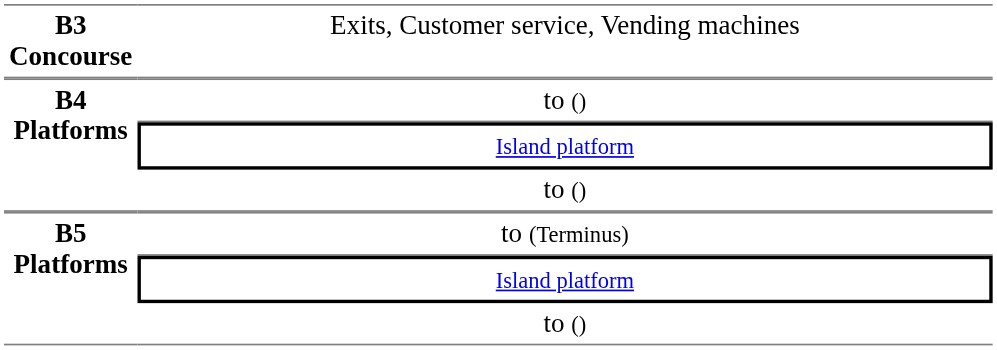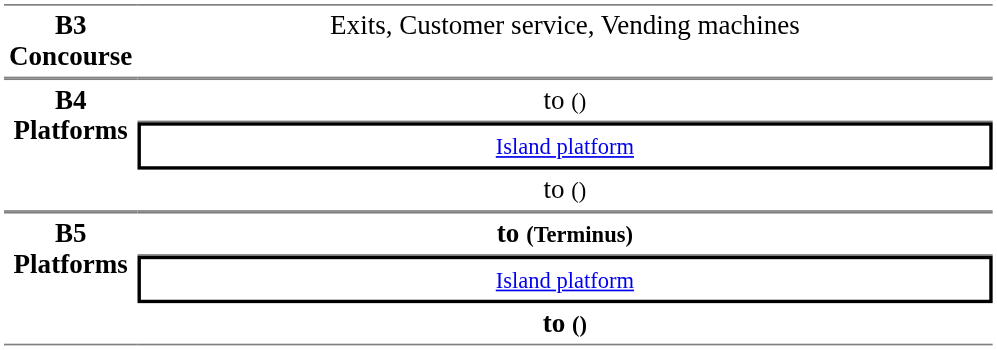 <table table border=0 cellspacing=0 cellpadding=3>
 <tr>
 <td style="border-bottom:solid 1px gray; border-top:solid 1px gray;text-align:center" valign=top><strong>B3<br>Concourse</strong></td>
 <td style="border-bottom:solid 1px gray; border-top:solid 1px gray;text-align:center;" valign=top width=500>Exits, Customer service, Vending machines</td>
 </tr>
 <tr>
 <td style="border-bottom:solid 1px gray; border-top:solid 1px gray;text-align:center" rowspan="3" valign=top><strong>B4<br>Platforms</strong></td>
 <td style="border-bottom:solid 1px gray; border-top:solid 1px gray;text-align:center;">  to  <small>()</small></td>
 </tr>
 <tr>
 <td style="border-right:solid 2px black;border-left:solid 2px black;border-top:solid 2px black;border-bottom:solid 2px black;text-align:center;" colspan=2><small><a href='#'>Island platform</a></small></td>
 </tr>
 <tr>
 <td style="border-bottom:solid 1px gray;text-align:center;"> to  <small>() </small></td>
 </tr>
 <tr>
 <td style="border-bottom:solid 1px gray; border-top:solid 1px gray;text-align:center" rowspan="3" valign=top><strong>B5<br>Platforms</strong></td>
-<td style="border-bottom:solid 1px gray; border-top:solid 1px gray;text-align:center;">  to  <small>(Terminus)</small></td>
+<td style="border-bottom:solid 1px gray; border-top:solid 1px gray;text-align:center;"><strong>  to  <small>(Terminus)</small></strong></td>
 </tr>
 <tr>
 <td style="border-right:solid 2px black;border-left:solid 2px black;border-top:solid 2px black;border-bottom:solid 2px black;text-align:center;" colspan=2><small><a href='#'>Island platform</a></small></td>
 </tr>
 <tr>
-<td style="border-bottom:solid 1px gray;text-align:center;"> to  <small>() </small></td>
+<td style="border-bottom:solid 1px gray;text-align:center;"><strong> to  <small>() </small></strong></td>
 </tr>
 </table>
